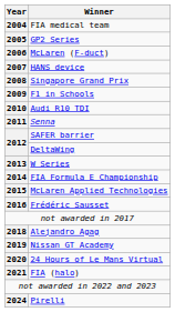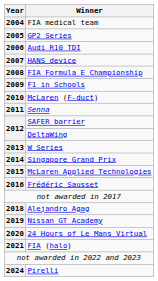 <table class="wikitable" style="font-size: 90%;">
 <tr>
 <th>Year</th>
 <th>Winner</th>
 </tr>
 <tr>
 <th>2004</th>
 <td>FIA medical team</td>
 </tr>
 <tr>
 <th>2005</th>
 <td><a href='#'>GP2 Series</a></td>
 </tr>
 <tr>
 <th>2006</th>
-<td><a href='#'>McLaren</a> (<a href='#'>F-duct</a>)</td>
+<td><a href='#'>Audi R10 TDI</a></td>
 </tr>
 <tr>
 <th>2007</th>
 <td><a href='#'>HANS device</a></td>
 </tr>
 <tr>
 <th>2008</th>
-<td><a href='#'>Singapore Grand Prix</a></td>
+<td><a href='#'>FIA Formula E Championship</a></td>
 </tr>
 <tr>
 <th>2009</th>
 <td><a href='#'>F1 in Schools</a></td>
 </tr>
 <tr>
 <th>2010</th>
-<td><a href='#'>Audi R10 TDI</a></td>
+<td><a href='#'>McLaren</a> (<a href='#'>F-duct</a>)</td>
 </tr>
 <tr>
 <th>2011</th>
 <td><em><a href='#'>Senna</a></em></td>
 </tr>
 <tr>
 <th rowspan="2">2012</th>
 <td><a href='#'>SAFER barrier</a></td>
 </tr>
 <tr>
 <td><a href='#'>DeltaWing</a></td>
 </tr>
 <tr>
 <th>2013</th>
 <td><a href='#'>W Series</a></td>
 </tr>
 <tr>
 <th>2014</th>
-<td><a href='#'>FIA Formula E Championship</a></td>
+<td><a href='#'>Singapore Grand Prix</a></td>
 </tr>
 <tr>
 <th>2015</th>
 <td><a href='#'>McLaren Applied Technologies</a></td>
 </tr>
 <tr>
 <th>2016</th>
 <td><a href='#'>Frédéric Sausset</a></td>
 </tr>
 <tr>
 <td align=center colspan=2><em>not awarded in 2017</em></td>
 </tr>
 <tr>
 <th>2018</th>
 <td><a href='#'>Alejandro Agag</a></td>
 </tr>
 <tr>
 <th>2019</th>
 <td><a href='#'>Nissan GT Academy</a></td>
 </tr>
 <tr>
 <th>2020</th>
 <td><a href='#'>24 Hours of Le Mans Virtual</a></td>
 </tr>
 <tr>
 <th>2021</th>
 <td><a href='#'>FIA</a> (<a href='#'>halo</a>)</td>
 </tr>
 <tr>
 <td align=center colspan=2><em>not awarded in 2022 and 2023</em></td>
 </tr>
 <tr>
 <th>2024</th>
 <td><a href='#'>Pirelli</a></td>
 </tr>
 </table>
